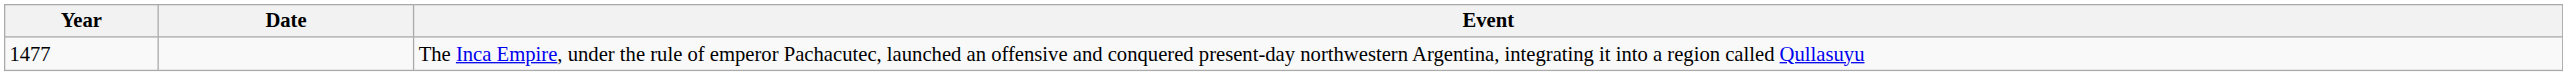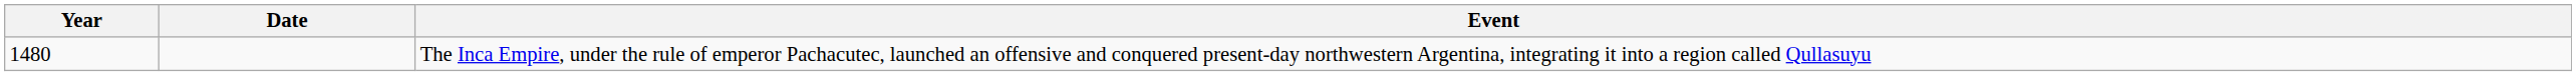 <table class="wikitable" width="100%">
 <tr>
 <th style="width:6%">Year</th>
 <th style="width:10%">Date</th>
 <th>Event</th>
 </tr>
 <tr>
-<td>1477</td>
+<td>1480</td>
 <td></td>
 <td>The <a href='#'>Inca Empire</a>, under the rule of emperor Pachacutec, launched an offensive and conquered present-day northwestern Argentina, integrating it into a region called <a href='#'>Qullasuyu</a></td>
 </tr>
 </table>
